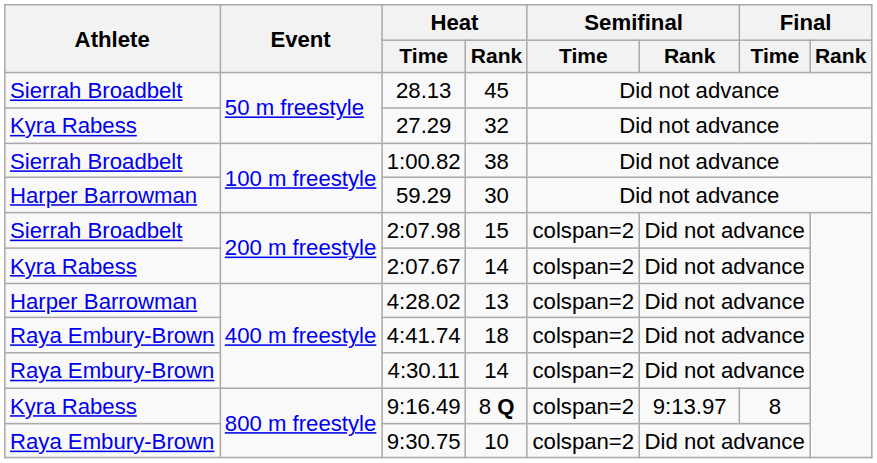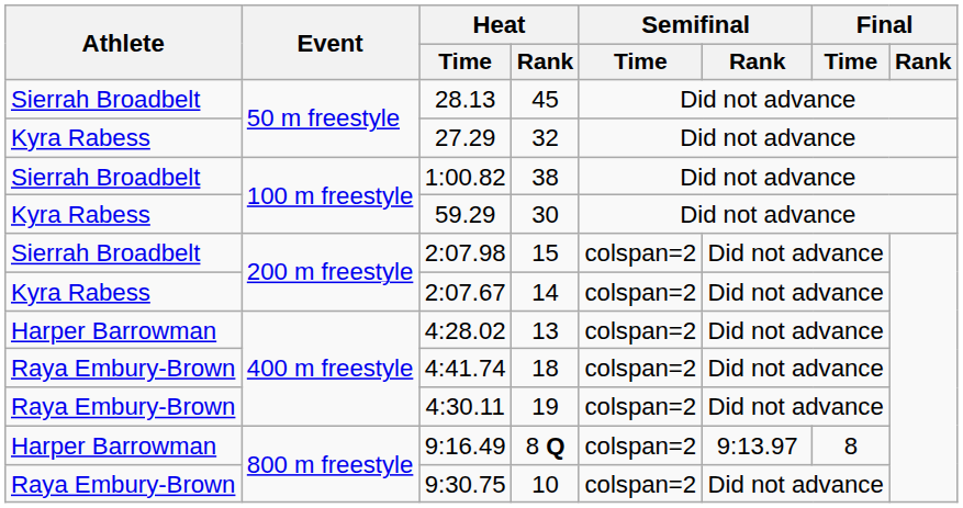 <table class=wikitable style=font-size:90%>
 <tr>
 <th rowspan=2>Athlete</th>
 <th rowspan=2>Event</th>
 <th colspan=2>Heat</th>
 <th colspan=2>Semifinal</th>
 <th colspan=2>Final</th>
 </tr>
 <tr style=font-size:95%>
 <th>Time</th>
 <th>Rank</th>
 <th>Time</th>
 <th>Rank</th>
 <th>Time</th>
 <th>Rank</th>
 </tr>
 <tr align=center>
 <td align=left><a href='#'>Sierrah Broadbelt</a></td>
 <td align=left rowspan="2"><a href='#'>50 m freestyle</a></td>
 <td>28.13</td>
 <td>45</td>
 <td colspan=4>Did not advance</td>
 </tr>
 <tr align=center>
 <td align=left><a href='#'>Kyra Rabess</a></td>
 <td>27.29</td>
 <td>32</td>
 <td colspan=4>Did not advance</td>
 </tr>
 <tr align=center>
 <td align=left><a href='#'>Sierrah Broadbelt</a></td>
 <td align=left rowspan="2"><a href='#'>100 m freestyle</a></td>
 <td>1:00.82</td>
 <td>38</td>
 <td colspan=4>Did not advance</td>
 </tr>
 <tr align=center>
-<td align=left><a href='#'>Harper Barrowman</a></td>
+<td align=left><a href='#'>Kyra Rabess</a></td>
 <td>59.29</td>
 <td>30</td>
 <td colspan=4>Did not advance</td>
 </tr>
 <tr align=center>
 <td align=left><a href='#'>Sierrah Broadbelt</a></td>
 <td align=left rowspan="2"><a href='#'>200 m freestyle</a></td>
 <td>2:07.98</td>
 <td>15</td>
 <td>colspan=2 </td>
 <td colspan=2>Did not advance</td>
 </tr>
 <tr align=center>
 <td align=left><a href='#'>Kyra Rabess</a></td>
 <td>2:07.67</td>
 <td>14</td>
 <td>colspan=2 </td>
 <td colspan=2>Did not advance</td>
 </tr>
 <tr align=center>
 <td align=left><a href='#'>Harper Barrowman</a></td>
 <td align=left rowspan="3"><a href='#'>400 m freestyle</a></td>
 <td>4:28.02</td>
 <td>13</td>
 <td>colspan=2 </td>
 <td colspan=2>Did not advance</td>
 </tr>
 <tr align=center>
 <td align=left><a href='#'>Raya Embury-Brown</a></td>
 <td>4:41.74</td>
 <td>18</td>
 <td>colspan=2 </td>
 <td colspan=2>Did not advance</td>
 </tr>
 <tr align=center>
 <td align=left><a href='#'>Raya Embury-Brown</a></td>
 <td>4:30.11</td>
-<td>14</td>
+<td>19</td>
 <td>colspan=2 </td>
 <td colspan=2>Did not advance</td>
 </tr>
 <tr align=center>
-<td align=left><a href='#'>Kyra Rabess</a></td>
+<td align=left><a href='#'>Harper Barrowman</a></td>
 <td align=left rowspan="2"><a href='#'>800 m freestyle</a></td>
 <td>9:16.49</td>
 <td>8 <strong>Q</strong></td>
 <td>colspan=2 </td>
 <td>9:13.97</td>
 <td>8</td>
 </tr>
 <tr align=center>
 <td align=left><a href='#'>Raya Embury-Brown</a></td>
 <td>9:30.75</td>
 <td>10</td>
 <td>colspan=2 </td>
 <td colspan=2>Did not advance</td>
 </tr>
 </table>
